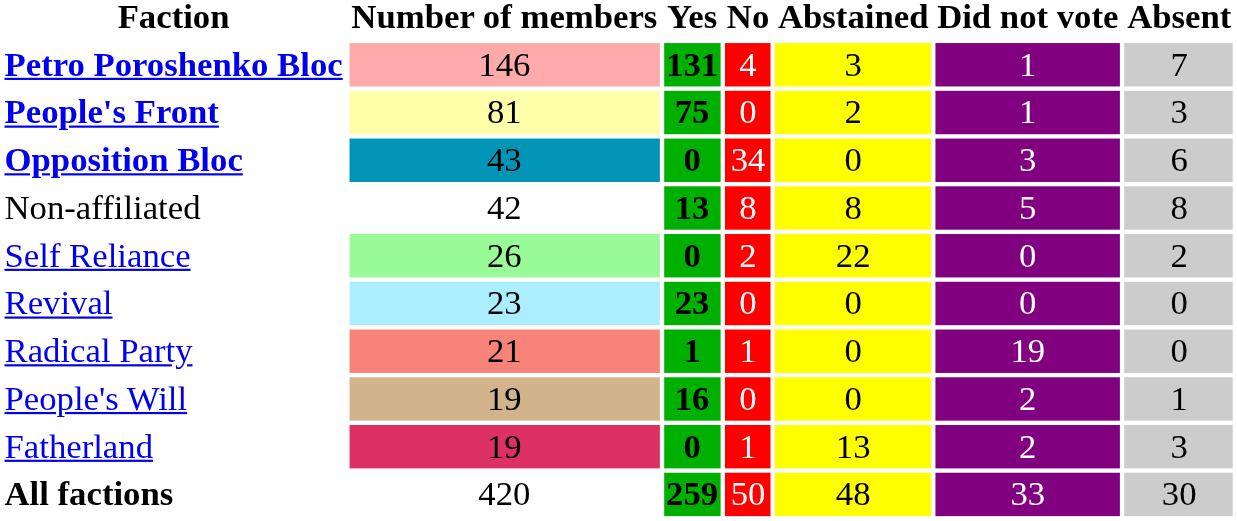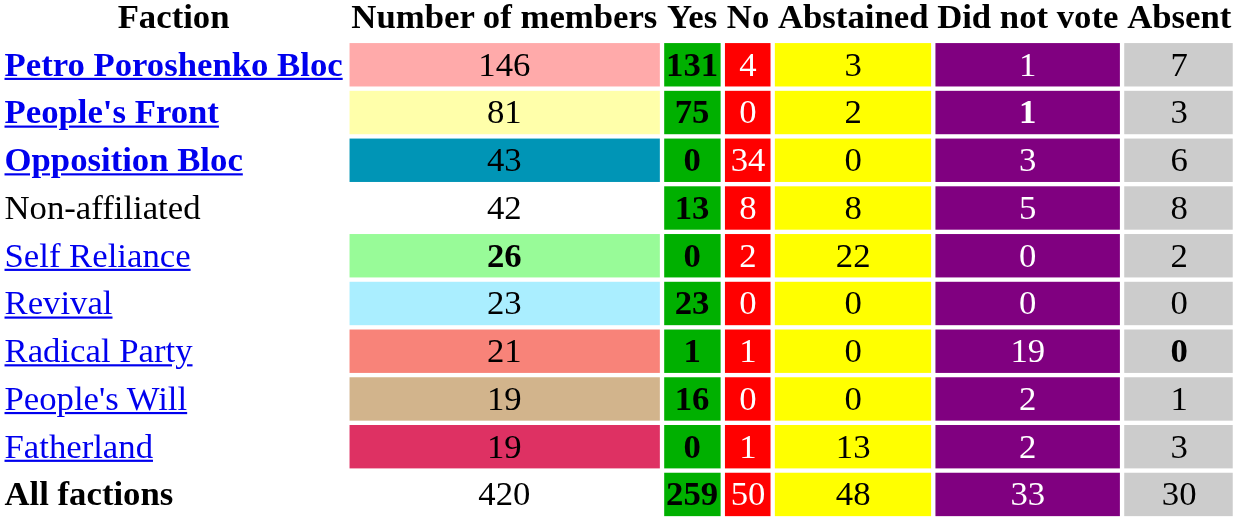 <table>
 <tr>
 <th>Faction</th>
 <th>Number of members</th>
 <th><strong>Yes</strong></th>
 <th>No</th>
 <th>Abstained</th>
 <th>Did not vote</th>
 <th>Absent</th>
 </tr>
 <tr ---->
 <td><strong><a href='#'>Petro Poroshenko Bloc</a></strong></td>
 <td style="text-align:center;background-color:#FFAAAA;">146</td>
 <td style="text-align:center;background-color:#00B000;"><strong>131</strong></td>
 <td style="text-align:center;background-color:red;color:white;">4</td>
 <td style="text-align:center;background-color:yellow;">3</td>
 <td style="text-align:center;background-color:purple;color:white;">1</td>
 <td style="text-align:center;background-color:#cccccc;">7</td>
 </tr>
 <tr ---->
 <td><strong><a href='#'>People's Front</a></strong></td>
 <td style="text-align:center;background-color:#FFFFAA;">81</td>
 <td style="text-align:center;background-color:#00B000;"><strong>75</strong></td>
 <td style="text-align:center;background-color:red;color:white;">0</td>
 <td style="text-align:center;background-color:yellow;">2</td>
-<td style="text-align:center;background-color:purple;color:white;">1</td>
+<td style="text-align:center;background-color:purple;color:white;"><strong>1</strong></td>
 <td style="text-align:center;background-color:#cccccc;">3</td>
 </tr>
 <tr ---->
 <td><strong><a href='#'>Opposition Bloc</a></strong></td>
 <td style="text-align:center;background-color:#0095B6;">43</td>
 <td style="text-align:center;background-color:#00B000;"><strong>0</strong></td>
 <td style="text-align:center;background-color:red;color:white;">34</td>
 <td style="text-align:center;background-color:yellow;">0</td>
 <td style="text-align:center;background-color:purple;color:white;">3</td>
 <td style="text-align:center;background-color:#cccccc;">6</td>
 </tr>
 <tr ---->
 <td>Non-affiliated</td>
 <td style="text-align:center;">42</td>
 <td style="text-align:center;background-color:#00B000;"><strong>13</strong></td>
 <td style="text-align:center;background-color:red;color:white;">8</td>
 <td style="text-align:center;background-color:yellow;">8</td>
 <td style="text-align:center;background-color:purple;color:white;">5</td>
 <td style="text-align:center;background-color:#cccccc;">8</td>
 </tr>
 <tr ---->
 <td><a href='#'>Self Reliance</a></td>
-<td style="text-align:center;background-color:#98FB98;">26</td>
+<td style="text-align:center;background-color:#98FB98;"><strong>26</strong></td>
 <td style="text-align:center;background-color:#00B000;"><strong>0</strong></td>
 <td style="text-align:center;background-color:red;color:white;">2</td>
 <td style="text-align:center;background-color:yellow;">22</td>
 <td style="text-align:center;background-color:purple;color:white;">0</td>
 <td style="text-align:center;background-color:#cccccc;">2</td>
 </tr>
 <tr ---->
 <td><a href='#'>Revival</a></td>
 <td style="text-align:center;background-color:#AAEEFF;">23</td>
 <td style="text-align:center;background-color:#00B000;"><strong>23</strong></td>
 <td style="text-align:center;background-color:red;color:white;">0</td>
 <td style="text-align:center;background-color:yellow;">0</td>
 <td style="text-align:center;background-color:purple;color:white;">0</td>
 <td style="text-align:center;background-color:#cccccc;">0</td>
 </tr>
 <tr ---->
 <td><a href='#'>Radical Party</a></td>
 <td style="text-align:center;background-color:#F88379;">21</td>
 <td style="text-align:center;background-color:#00B000;"><strong>1</strong></td>
 <td style="text-align:center;background-color:red;color:white;">1</td>
 <td style="text-align:center;background-color:yellow;">0</td>
 <td style="text-align:center;background-color:purple;color:white;">19</td>
-<td style="text-align:center;background-color:#cccccc;">0</td>
+<td style="text-align:center;background-color:#cccccc;"><strong>0</strong></td>
 </tr>
 <tr ---->
 <td><a href='#'>People's Will</a></td>
 <td style="text-align:center;background-color:tan;">19</td>
 <td style="text-align:center;background-color:#00B000;"><strong>16</strong></td>
 <td style="text-align:center;background-color:red;color:white;">0</td>
 <td style="text-align:center;background-color:yellow;">0</td>
 <td style="text-align:center;background-color:purple;color:white;">2</td>
 <td style="text-align:center;background-color:#cccccc;">1</td>
 </tr>
 <tr ---->
 <td><a href='#'>Fatherland</a></td>
 <td style="text-align:center;background-color:#DE3163;">19</td>
 <td style="text-align:center;background-color:#00B000;"><strong>0</strong></td>
 <td style="text-align:center;background-color:red;color:white;">1</td>
 <td style="text-align:center;background-color:yellow;">13</td>
 <td style="text-align:center;background-color:purple;color:white;">2</td>
 <td style="text-align:center;background-color:#cccccc;">3</td>
 </tr>
 <tr ---->
 <td><strong>All factions</strong></td>
 <td style="text-align:center;">420</td>
 <td style="text-align:center;background-color:#00B000;"><strong>259</strong></td>
 <td style="text-align:center;background-color:red;color:white;">50</td>
 <td style="text-align:center;background-color:yellow;">48</td>
 <td style="text-align:center;background-color:purple;color:white;">33</td>
 <td style="text-align:center;background-color:#cccccc;">30</td>
 </tr>
 <tr>
 </tr>
 </table>
